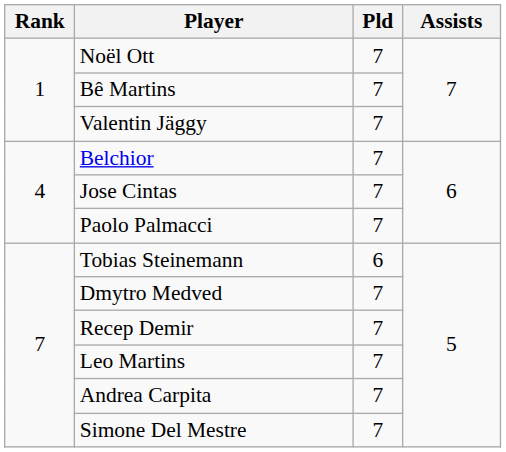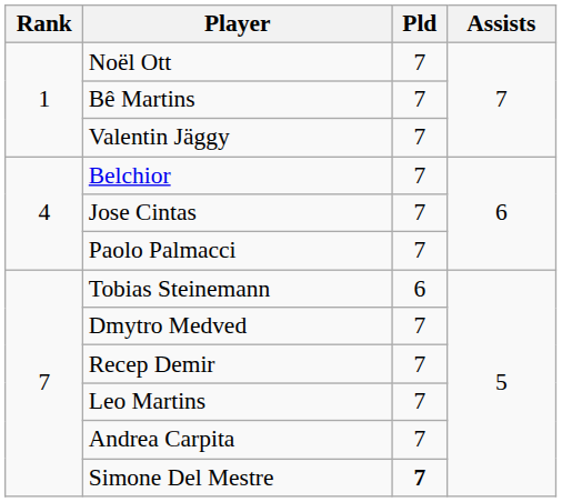 <table class="wikitable" style="text-align:center">
 <tr>
 <th width=45>Rank</th>
 <th width=200>Player</th>
 <th width=30>Pld</th>
 <th width=65>Assists</th>
 </tr>
 <tr>
 <td rowspan=3>1</td>
 <td style="text-align:left"> Noël Ott</td>
 <td>7</td>
 <td rowspan=3>7</td>
 </tr>
 <tr>
 <td style="text-align:left"> Bê Martins</td>
 <td>7</td>
 </tr>
 <tr>
 <td style="text-align:left"> Valentin Jäggy</td>
 <td>7</td>
 </tr>
 <tr>
 <td rowspan=3>4</td>
 <td style="text-align:left"> <a href='#'>Belchior</a></td>
 <td>7</td>
 <td rowspan=3>6</td>
 </tr>
 <tr>
 <td style="text-align:left"> Jose Cintas</td>
 <td>7</td>
 </tr>
 <tr>
 <td style="text-align:left"> Paolo Palmacci</td>
 <td>7</td>
 </tr>
 <tr>
 <td rowspan=6>7</td>
 <td style="text-align:left"> Tobias Steinemann</td>
 <td>6</td>
 <td rowspan=6>5</td>
 </tr>
 <tr>
 <td style="text-align:left"> Dmytro Medved</td>
 <td>7</td>
 </tr>
 <tr>
 <td style="text-align:left"> Recep Demir</td>
 <td>7</td>
 </tr>
 <tr>
 <td style="text-align:left"> Leo Martins</td>
 <td>7</td>
 </tr>
 <tr>
 <td style="text-align:left"> Andrea Carpita</td>
 <td>7</td>
 </tr>
 <tr>
 <td style="text-align:left"> Simone Del Mestre</td>
-<td>7</td>
+<td><strong>7</strong></td>
 </tr>
 </table>
